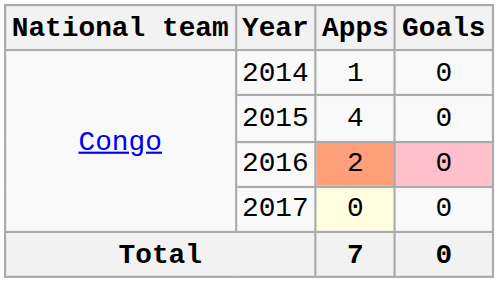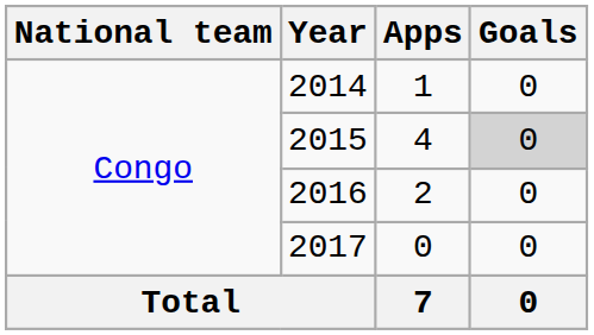 <table class="wikitable" style="text-align:center">
 <tr>
 <th>National team</th>
 <th>Year</th>
 <th>Apps</th>
 <th>Goals</th>
 </tr>
 <tr>
 <td rowspan="4"><a href='#'>Congo</a></td>
 <td>2014</td>
 <td>1</td>
 <td>0</td>
 </tr>
 <tr>
 <td>2015</td>
 <td>4</td>
+<td style="background: lightgrey;">0</td>
+</tr>
+<tr>
+<td>2016</td>
+<td>2</td>
 <td>0</td>
 </tr>
 <tr>
-<td>2016</td>
-<td style="background: lightsalmon;">2</td>
-<td style="background: pink;">0</td>
-</tr>
-<tr>
 <td>2017</td>
-<td style="background: lightyellow;">0</td>
+<td>0</td>
 <td>0</td>
 </tr>
 <tr>
 <th colspan="2">Total</th>
 <th>7</th>
 <th>0</th>
 </tr>
 </table>
